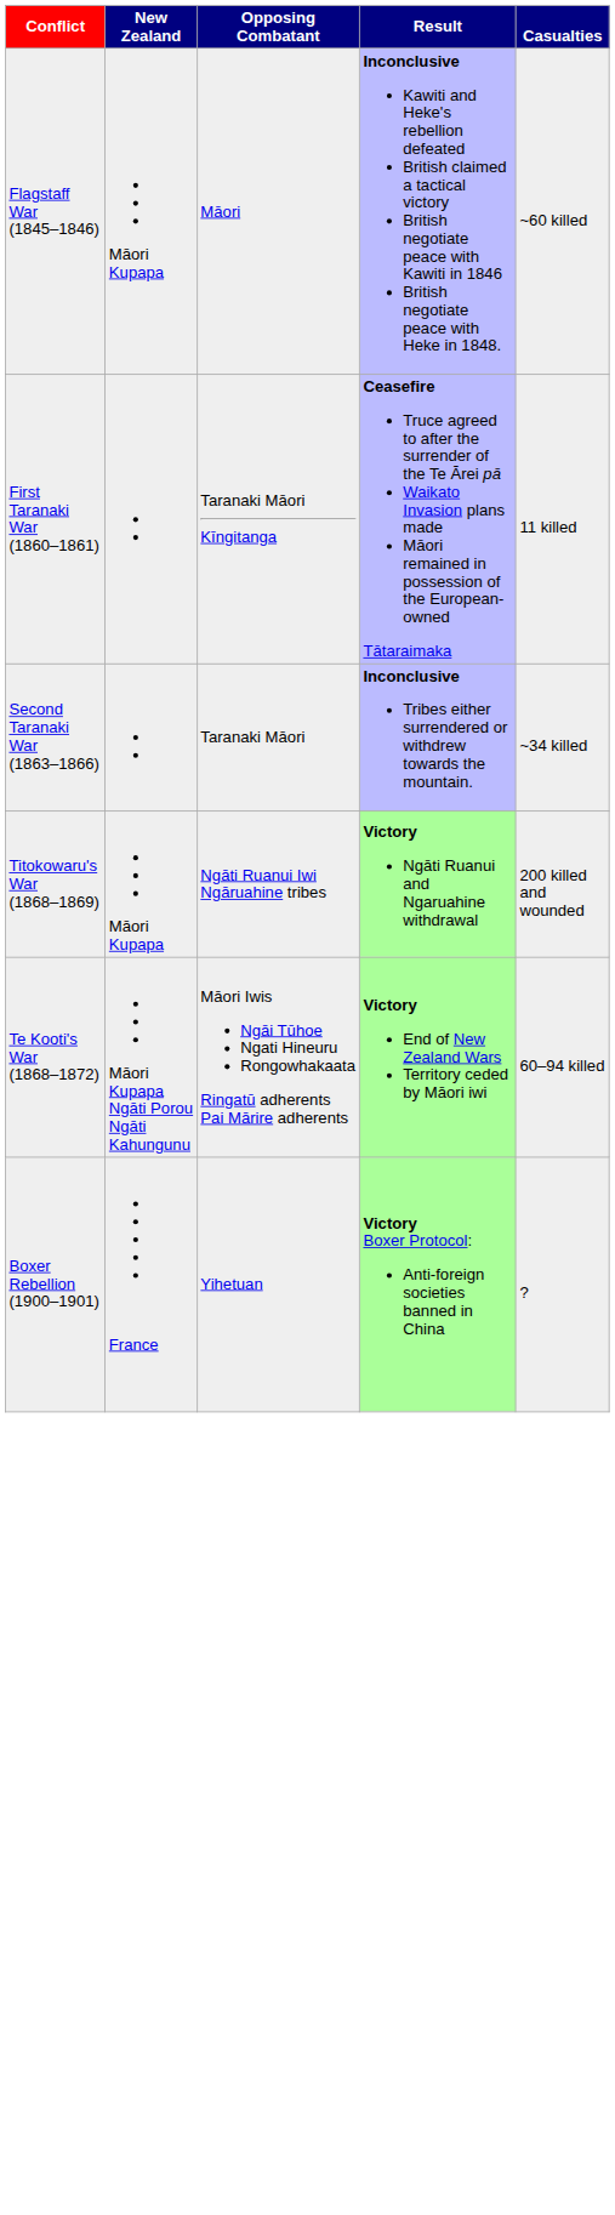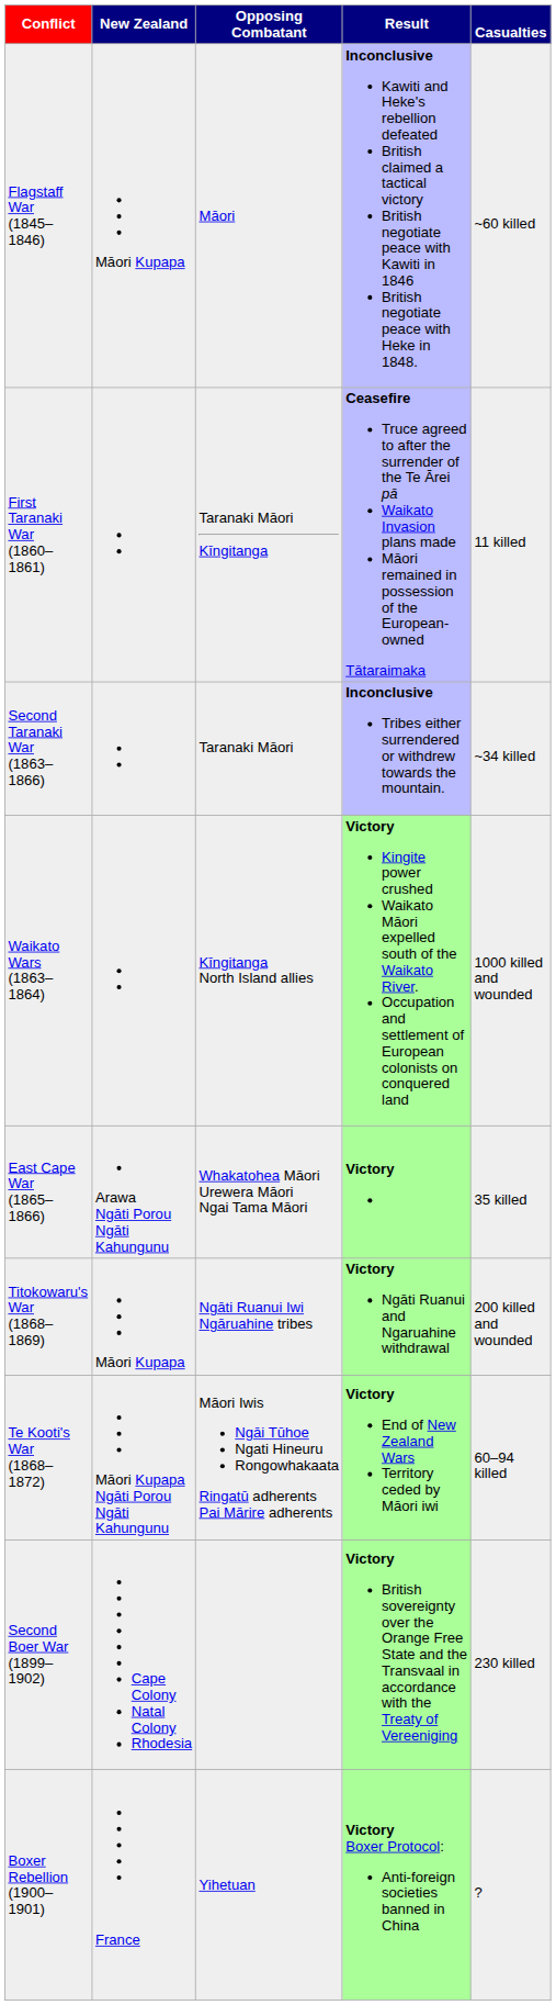 <table class="wikitable">
 <tr style="color: white">
 <th rowspan="1" style="background:red">Conflict</th>
 <th rowspan="1" style="background:navy">New Zealand</th>
 <th rowspan="1" style="background:navy">Opposing Combatant</th>
 <th rowspan="1" style="background:navy">Result</th>
 <th rowspan="1" style="background:navy"><br>Casualties</th>
 </tr>
 <tr>
 <td style="background:#efefef"><a href='#'>Flagstaff War</a><br>(1845–1846)</td>
 <td style="background:#efefef"><br><ul><li></li><li></li><li></li></ul> Māori <a href='#'>Kupapa</a></td>
 <td style="background:#efefef"><a href='#'>Māori</a></td>
 <td style="background:#BBF"><strong>Inconclusive</strong><br><ul><li>Kawiti and Heke's rebellion defeated</li><li>British claimed a tactical victory</li><li>British negotiate peace with Kawiti in 1846</li><li>British negotiate peace with Heke in 1848.</li></ul></td>
 <td style="background:#efefef"><br>~60 killed</td>
 </tr>
 <tr>
 <td style="background:#efefef"><a href='#'>First Taranaki War</a><br>(1860–1861)</td>
 <td style="background:#efefef"><br><ul><li></li><li></li></ul></td>
 <td style="background:#efefef"> Taranaki Māori<hr> <a href='#'>Kīngitanga</a></td>
 <td style="background:#BBF"><strong>Ceasefire</strong><br><ul><li>Truce agreed to after the surrender of the Te Ārei <em>pā</em></li><li><a href='#'>Waikato Invasion</a> plans made</li><li>Māori remained in possession of the European-owned</li></ul><a href='#'>Tātaraimaka</a></td>
 <td style="background:#efefef"><br>11 killed</td>
 </tr>
 <tr>
 <td style="background:#efefef"><a href='#'>Second Taranaki War</a><br>(1863–1866)</td>
 <td style="background:#efefef"><br><ul><li></li><li></li></ul></td>
 <td style="background:#efefef"> Taranaki Māori</td>
 <td style="background:#BBF"><strong>Inconclusive</strong><br><ul><li>Tribes either surrendered or withdrew towards the mountain.</li></ul></td>
 <td style="background:#efefef"><br>~34 killed</td>
 </tr>
 <tr>
+<td style="background:#efefef"><a href='#'>Waikato Wars</a><br>(1863–1864)</td>
+<td style="background:#efefef"><br><ul><li></li><li></li></ul></td>
+<td style="background:#efefef"> <a href='#'>Kīngitanga</a><br> North Island allies</td>
+<td style="background:#AF9"><strong>Victory</strong><br><ul><li><a href='#'>Kingite</a> power crushed</li><li>Waikato Māori expelled south of the <a href='#'>Waikato River</a>.</li><li>Occupation and settlement of European colonists on conquered land</li></ul></td>
+<td style="background:#efefef"><br>1000 killed and wounded</td>
+</tr>
+<tr>
+<td style="background:#efefef"><a href='#'>East Cape War</a><br>(1865–1866)</td>
+<td style="background:#efefef"><br><ul><li></li></ul>Arawa<br><a href='#'>Ngāti Porou</a><br><a href='#'>Ngāti Kahungunu</a></td>
+<td style="background:#efefef"><a href='#'>Whakatohea</a> Māori<br>Urewera Māori<br>Ngai Tama Māori</td>
+<td style="background:#AF9"><strong>Victory</strong><br><ul><li></li></ul></td>
+<td style="background:#efefef"><br>35 killed</td>
+</tr>
+<tr>
 <td style="background:#efefef"><a href='#'>Titokowaru's War</a><br>(1868–1869)</td>
 <td style="background:#efefef"><br><ul><li></li><li></li><li></li></ul> Māori <a href='#'>Kupapa</a></td>
 <td style="background:#efefef"> <a href='#'>Ngāti Ruanui Iwi</a><br><a href='#'>Ngāruahine</a> tribes</td>
 <td style="background:#AF9"><strong>Victory</strong><br><ul><li>Ngāti Ruanui and Ngaruahine withdrawal</li></ul></td>
 <td style="background:#efefef"><br>200 killed and wounded</td>
 </tr>
 <tr>
 <td style="background:#efefef"><a href='#'>Te Kooti's War</a><br>(1868–1872)</td>
 <td style="background:#efefef"><br><ul><li></li><li></li><li></li></ul> Māori <a href='#'>Kupapa</a><br><a href='#'>Ngāti Porou</a><br><a href='#'>Ngāti Kahungunu</a></td>
 <td style="background:#efefef"> Māori Iwis<br><ul><li><a href='#'>Ngāi Tūhoe</a></li><li>Ngati Hineuru</li><li>Rongowhakaata</li></ul><a href='#'>Ringatū</a> adherents <br> <a href='#'>Pai Mārire</a> adherents</td>
 <td style="background:#AF9"><strong>Victory</strong><br><ul><li>End of <a href='#'>New Zealand Wars</a></li><li>Territory ceded by Māori iwi</li></ul></td>
 <td style="background:#efefef"><br>60–94 killed</td>
 </tr>
 <tr>
+<td style="background:#efefef"><a href='#'>Second Boer War</a><br>(1899–1902)</td>
+<td style="background:#efefef"><br><ul><li></li><li></li><li></li><li></li><li></li><li></li><li> <a href='#'>Cape Colony</a></li><li> <a href='#'>Natal Colony</a></li><li> <a href='#'>Rhodesia</a></li></ul></td>
+<td style="background:#efefef"><br></td>
+<td style="background:#AF9"><strong>Victory</strong><br><ul><li>British sovereignty over the Orange Free State and the Transvaal in accordance with the <a href='#'>Treaty of Vereeniging</a></li></ul></td>
+<td style="background:#efefef"><br>230 killed</td>
+</tr>
+<tr>
 <td style="background:#efefef"><a href='#'>Boxer Rebellion</a><br>(1900–1901)</td>
 <td style="background:#efefef"><br><ul><li></li><li></li><li></li><li></li><li></li></ul><br> <br>  <a href='#'>France</a><br> <br> <br> <br> </td>
 <td style="background:#efefef"> <a href='#'>Yihetuan</a><br></td>
 <td style="background:#AF9"><strong>Victory</strong><br><a href='#'>Boxer Protocol</a>:<ul><li>Anti-foreign societies banned in China</li></ul></td>
 <td style="background:#efefef"><br>?</td>
 </tr>
 </table>
